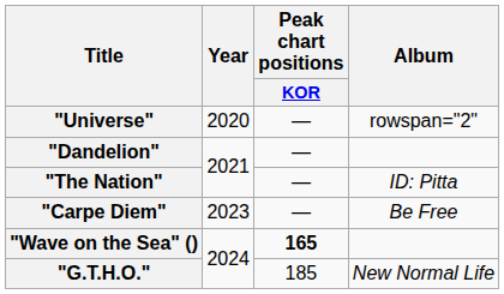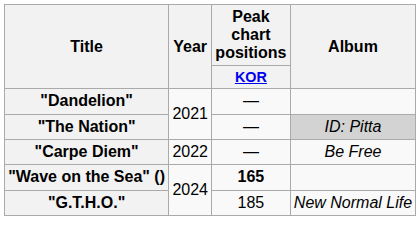 <table class="wikitable plainrowheaders" style="text-align:center;">
 <tr>
 <th scope="col" rowspan="2">Title</th>
 <th scope="col" rowspan="2">Year</th>
 <th scope="col" colspan="1">Peak chart positions</th>
 <th scope="col" rowspan="2">Album</th>
 </tr>
 <tr>
 <th style="width:2.5em;font-size:90%;"><a href='#'>KOR</a><br></th>
 </tr>
 <tr>
-<th scope="row">"Universe"</th>
-<td>2020</td>
-<td>—</td>
-<td>rowspan="2" </td>
-</tr>
-<tr>
 <th scope="row">"Dandelion"</th>
 <td rowspan="2">2021</td>
 <td>—</td>
 </tr>
 <tr>
 <th scope="row">"The Nation"</th>
 <td>—</td>
-<td><em>ID: Pitta</em></td>
+<td style="background: lightgrey;"><em>ID: Pitta</em></td>
 </tr>
 <tr>
 <th scope="row">"Carpe Diem"</th>
-<td>2023</td>
+<td>2022</td>
 <td>—</td>
 <td><em>Be Free</em></td>
 </tr>
 <tr>
 <th scope="row">"Wave on the Sea" ()<br></th>
 <td rowspan="2">2024</td>
 <td><strong>165</strong></td>
 <td></td>
 </tr>
 <tr>
 <th scope="row">"G.T.H.O."</th>
 <td>185</td>
 <td><em>New Normal Life</em></td>
 </tr>
 </table>
